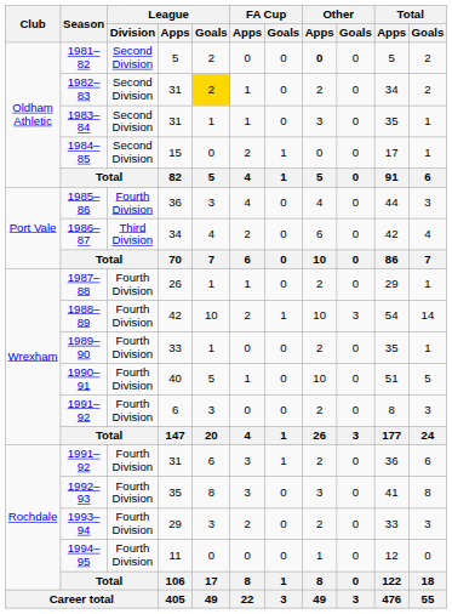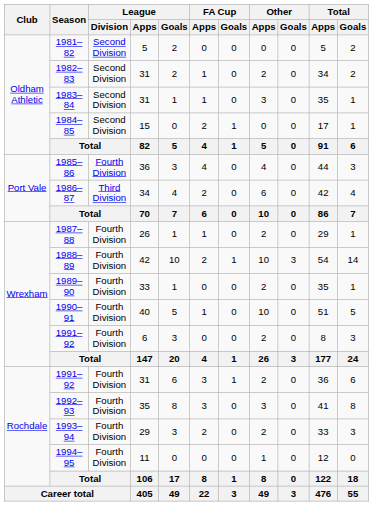 <table class="wikitable" style="text-align: center;">
 <tr>
 <th rowspan="2">Club</th>
 <th rowspan="2">Season</th>
 <th colspan="3">League</th>
 <th colspan="2">FA Cup</th>
 <th colspan="2">Other</th>
 <th colspan="2">Total</th>
 </tr>
 <tr>
 <th>Division</th>
 <th>Apps</th>
 <th>Goals</th>
 <th>Apps</th>
 <th>Goals</th>
 <th>Apps</th>
 <th>Goals</th>
 <th>Apps</th>
 <th>Goals</th>
 </tr>
 <tr>
 <td rowspan="5"><a href='#'>Oldham Athletic</a></td>
 <td><a href='#'>1981–82</a></td>
 <td><a href='#'>Second Division</a></td>
 <td>5</td>
 <td>2</td>
 <td>0</td>
 <td>0</td>
-<td><strong>0</strong></td>
+<td>0</td>
 <td>0</td>
 <td>5</td>
 <td>2</td>
 </tr>
 <tr>
 <td><a href='#'>1982–83</a></td>
 <td>Second Division</td>
 <td>31</td>
-<td style="background: gold;">2</td>
+<td>2</td>
 <td>1</td>
 <td>0</td>
 <td>2</td>
 <td>0</td>
 <td>34</td>
 <td>2</td>
 </tr>
 <tr>
 <td><a href='#'>1983–84</a></td>
 <td>Second Division</td>
 <td>31</td>
 <td>1</td>
 <td>1</td>
 <td>0</td>
 <td>3</td>
 <td>0</td>
 <td>35</td>
 <td>1</td>
 </tr>
 <tr>
 <td><a href='#'>1984–85</a></td>
 <td>Second Division</td>
 <td>15</td>
 <td>0</td>
 <td>2</td>
 <td>1</td>
 <td>0</td>
 <td>0</td>
 <td>17</td>
 <td>1</td>
 </tr>
 <tr>
 <th colspan="2">Total</th>
 <th>82</th>
 <th>5</th>
 <th>4</th>
 <th>1</th>
 <th>5</th>
 <th>0</th>
 <th>91</th>
 <th>6</th>
 </tr>
 <tr>
 <td rowspan="3"><a href='#'>Port Vale</a></td>
 <td><a href='#'>1985–86</a></td>
 <td><a href='#'>Fourth Division</a></td>
 <td>36</td>
 <td>3</td>
 <td>4</td>
 <td>0</td>
 <td>4</td>
 <td>0</td>
 <td>44</td>
 <td>3</td>
 </tr>
 <tr>
 <td><a href='#'>1986–87</a></td>
 <td><a href='#'>Third Division</a></td>
 <td>34</td>
 <td>4</td>
 <td>2</td>
 <td>0</td>
 <td>6</td>
 <td>0</td>
 <td>42</td>
 <td>4</td>
 </tr>
 <tr>
 <th colspan="2">Total</th>
 <th>70</th>
 <th>7</th>
 <th>6</th>
 <th>0</th>
 <th>10</th>
 <th>0</th>
 <th>86</th>
 <th>7</th>
 </tr>
 <tr>
 <td rowspan="6"><a href='#'>Wrexham</a></td>
 <td><a href='#'>1987–88</a></td>
 <td>Fourth Division</td>
 <td>26</td>
 <td>1</td>
 <td>1</td>
 <td>0</td>
 <td>2</td>
 <td>0</td>
 <td>29</td>
 <td>1</td>
 </tr>
 <tr>
 <td><a href='#'>1988–89</a></td>
 <td>Fourth Division</td>
 <td>42</td>
 <td>10</td>
 <td>2</td>
 <td>1</td>
 <td>10</td>
 <td>3</td>
 <td>54</td>
 <td>14</td>
 </tr>
 <tr>
 <td><a href='#'>1989–90</a></td>
 <td>Fourth Division</td>
 <td>33</td>
 <td>1</td>
 <td>0</td>
 <td>0</td>
 <td>2</td>
 <td>0</td>
 <td>35</td>
 <td>1</td>
 </tr>
 <tr>
 <td><a href='#'>1990–91</a></td>
 <td>Fourth Division</td>
 <td>40</td>
 <td>5</td>
 <td>1</td>
 <td>0</td>
 <td>10</td>
 <td>0</td>
 <td>51</td>
 <td>5</td>
 </tr>
 <tr>
 <td><a href='#'>1991–92</a></td>
 <td>Fourth Division</td>
 <td>6</td>
 <td>3</td>
 <td>0</td>
 <td>0</td>
 <td>2</td>
 <td>0</td>
 <td>8</td>
 <td>3</td>
 </tr>
 <tr>
 <th colspan="2">Total</th>
 <th>147</th>
 <th>20</th>
 <th>4</th>
 <th>1</th>
 <th>26</th>
 <th>3</th>
 <th>177</th>
 <th>24</th>
 </tr>
 <tr>
 <td rowspan="5"><a href='#'>Rochdale</a></td>
 <td><a href='#'>1991–92</a></td>
 <td>Fourth Division</td>
 <td>31</td>
 <td>6</td>
 <td>3</td>
 <td>1</td>
 <td>2</td>
 <td>0</td>
 <td>36</td>
 <td>6</td>
 </tr>
 <tr>
 <td><a href='#'>1992–93</a></td>
 <td>Fourth Division</td>
 <td>35</td>
 <td>8</td>
 <td>3</td>
 <td>0</td>
 <td>3</td>
 <td>0</td>
 <td>41</td>
 <td>8</td>
 </tr>
 <tr>
 <td><a href='#'>1993–94</a></td>
 <td>Fourth Division</td>
 <td>29</td>
 <td>3</td>
 <td>2</td>
 <td>0</td>
 <td>2</td>
 <td>0</td>
 <td>33</td>
 <td>3</td>
 </tr>
 <tr>
 <td><a href='#'>1994–95</a></td>
 <td>Fourth Division</td>
 <td>11</td>
 <td>0</td>
 <td>0</td>
 <td>0</td>
 <td>1</td>
 <td>0</td>
 <td>12</td>
 <td>0</td>
 </tr>
 <tr>
 <th colspan="2">Total</th>
 <th>106</th>
 <th>17</th>
 <th>8</th>
 <th>1</th>
 <th>8</th>
 <th>0</th>
 <th>122</th>
 <th>18</th>
 </tr>
 <tr>
 <th colspan="3">Career total</th>
 <th>405</th>
 <th>49</th>
 <th>22</th>
 <th>3</th>
 <th>49</th>
 <th>3</th>
 <th>476</th>
 <th>55</th>
 </tr>
 </table>
